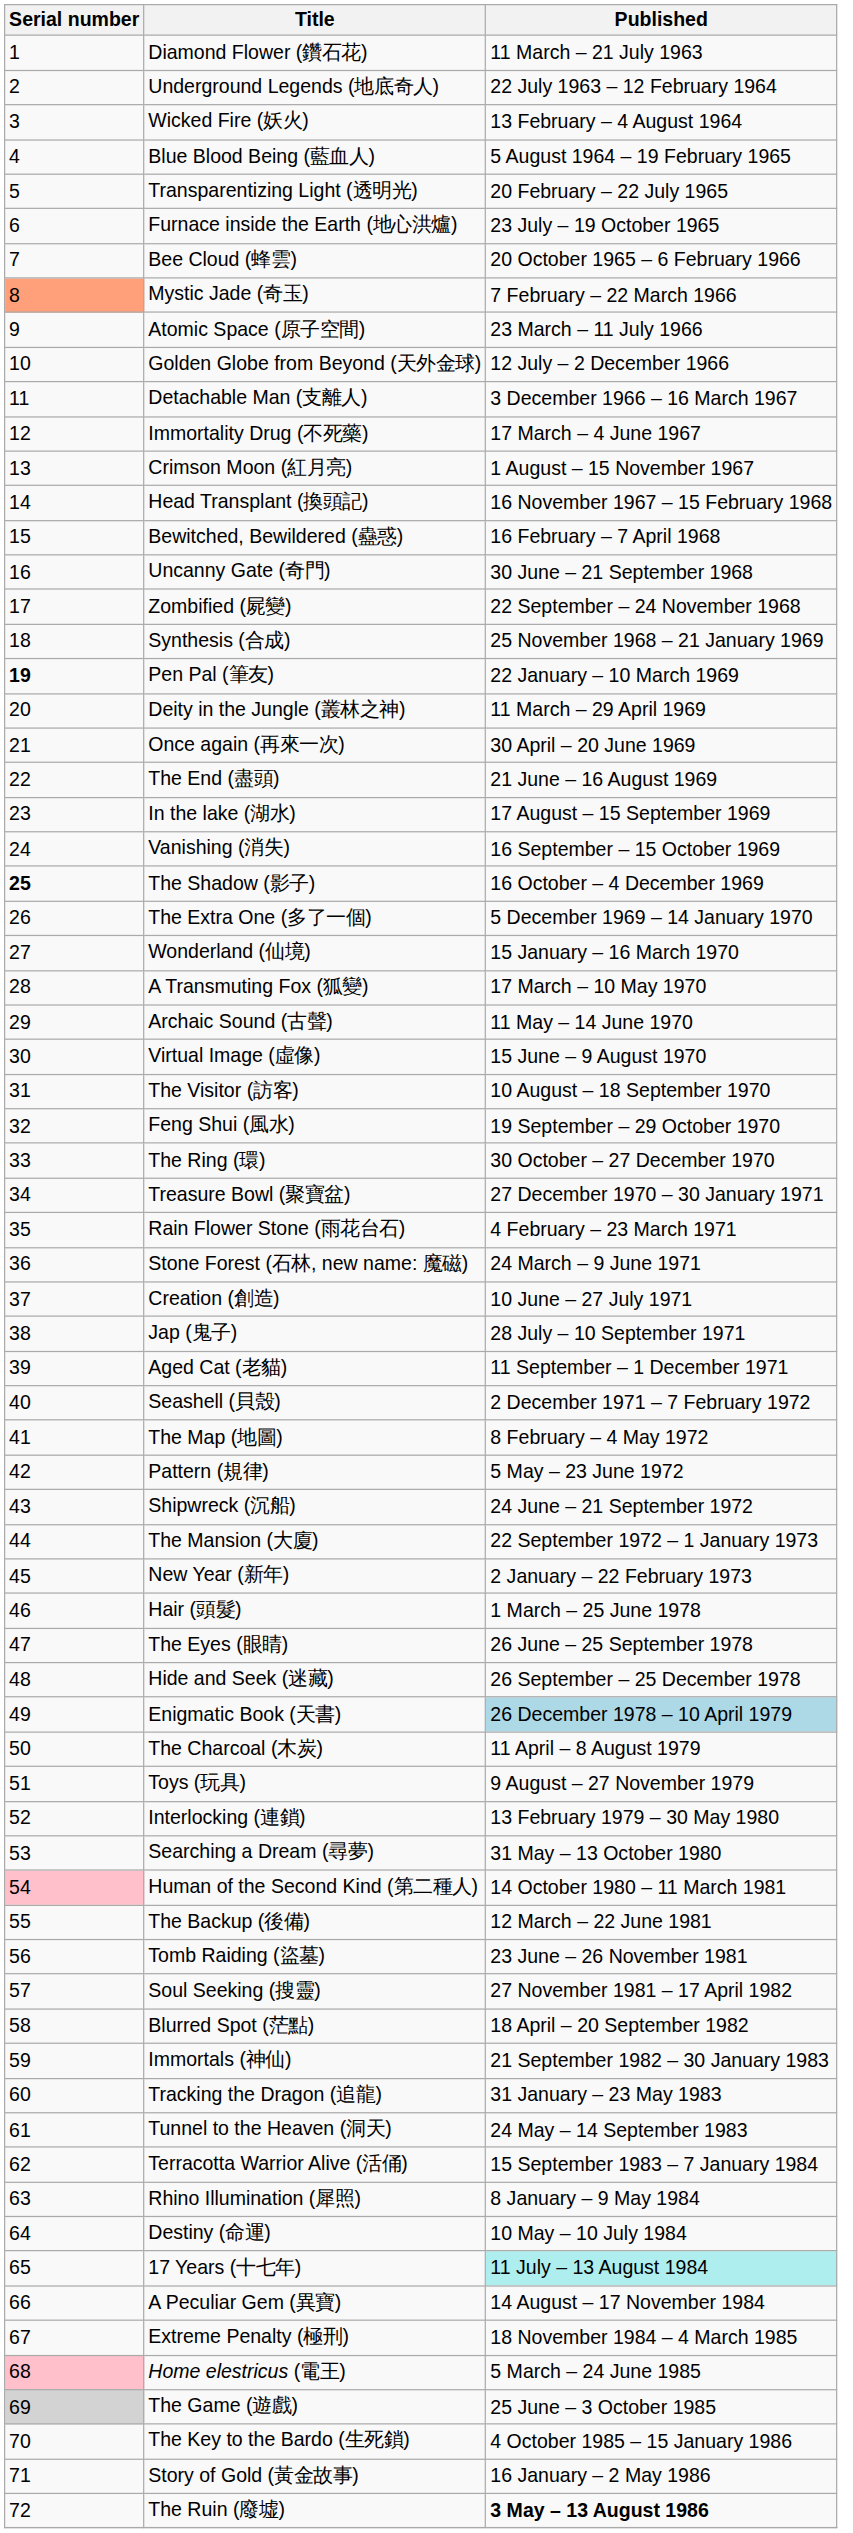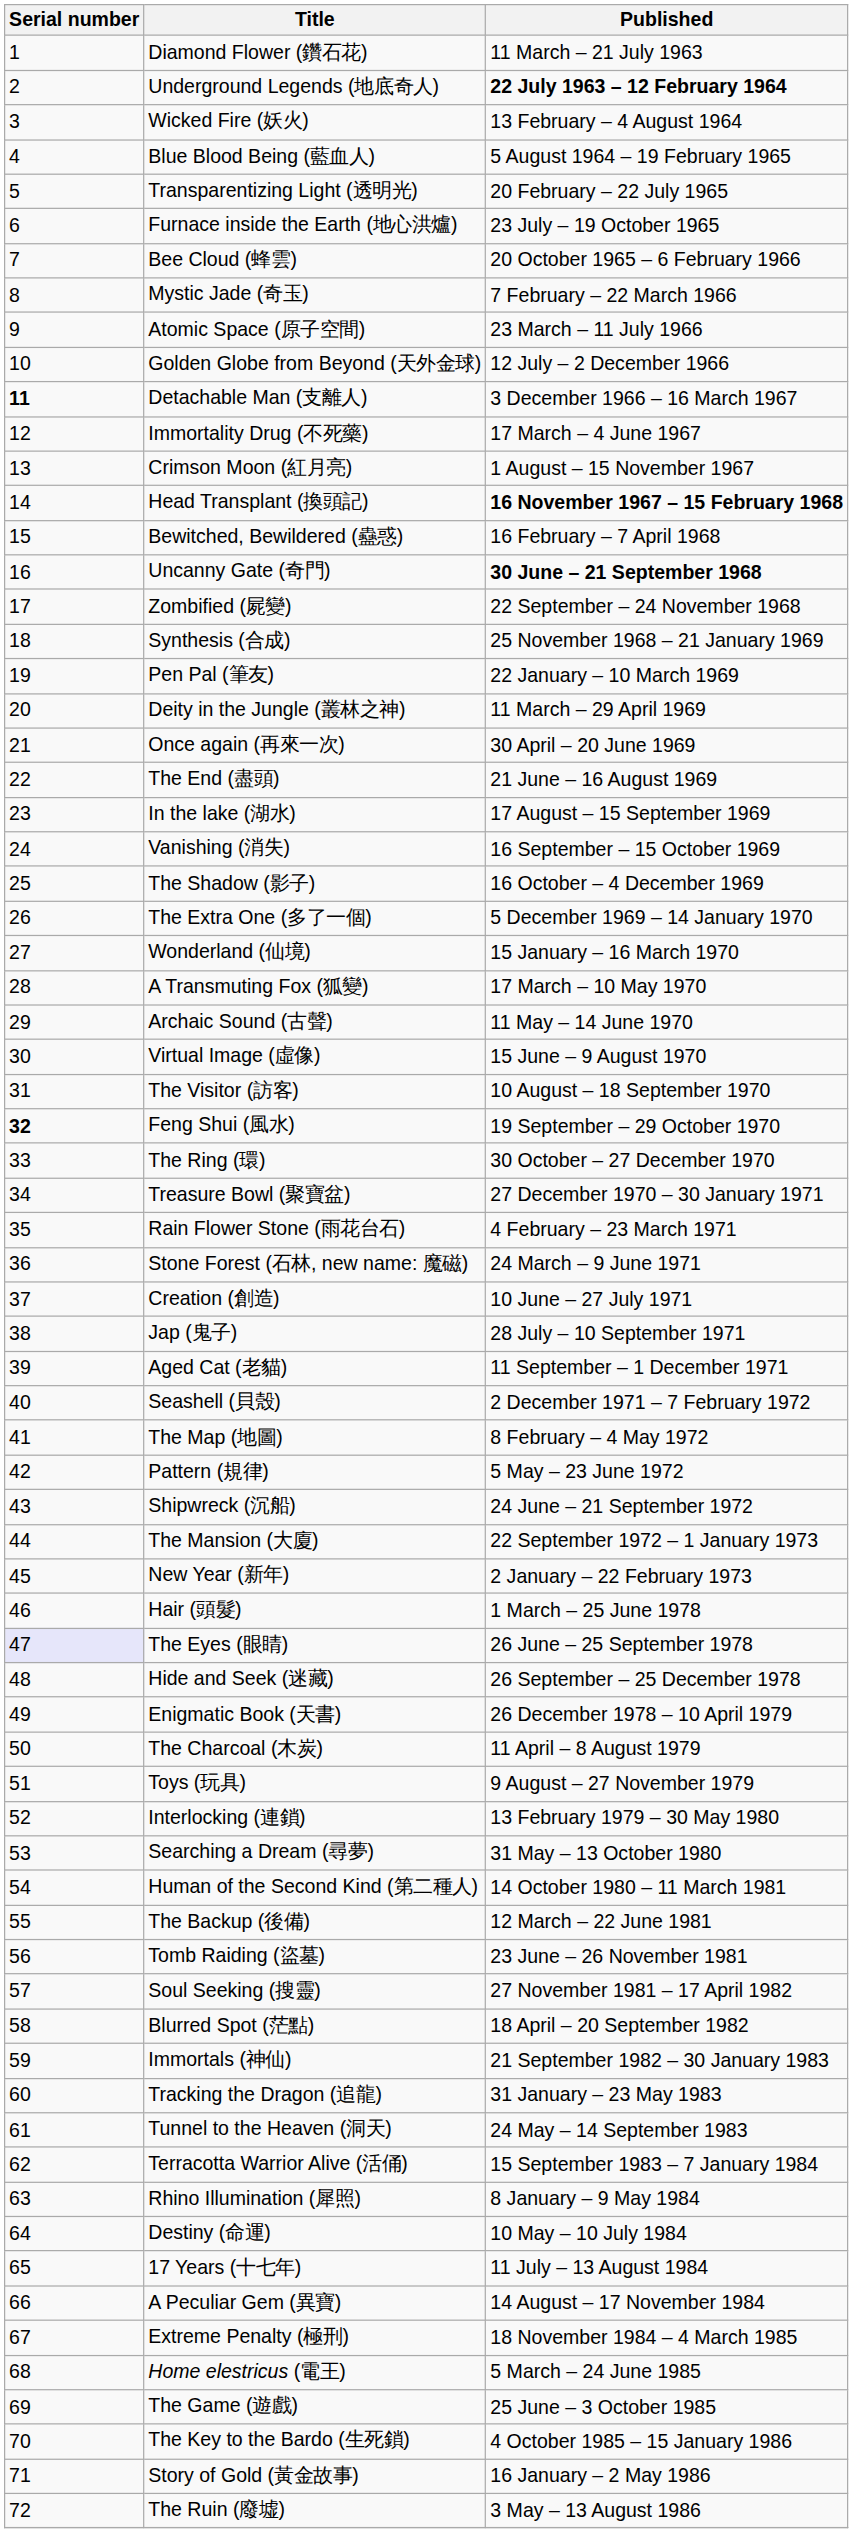 <table class="wikitable">
 <tr>
 <th>Serial number</th>
 <th>Title</th>
 <th>Published</th>
 </tr>
 <tr>
 <td>1</td>
 <td>Diamond Flower (鑽石花)</td>
 <td>11 March – 21 July 1963</td>
 </tr>
 <tr>
 <td>2</td>
 <td>Underground Legends (地底奇人)</td>
-<td>22 July 1963 – 12 February 1964</td>
+<td><strong>22 July 1963 – 12 February 1964</strong></td>
 </tr>
 <tr>
 <td>3</td>
 <td>Wicked Fire (妖火)</td>
 <td>13 February – 4 August 1964</td>
 </tr>
 <tr>
 <td>4</td>
 <td>Blue Blood Being (藍血人)</td>
 <td>5 August 1964 – 19 February 1965</td>
 </tr>
 <tr>
 <td>5</td>
 <td>Transparentizing Light (透明光)</td>
 <td>20 February – 22 July 1965</td>
 </tr>
 <tr>
 <td>6</td>
 <td>Furnace inside the Earth (地心洪爐)</td>
 <td>23 July – 19 October 1965</td>
 </tr>
 <tr>
 <td>7</td>
 <td>Bee Cloud (蜂雲)</td>
 <td>20 October 1965 – 6 February 1966</td>
 </tr>
 <tr>
-<td style="background: lightsalmon;">8</td>
+<td>8</td>
 <td>Mystic Jade (奇玉)</td>
 <td>7 February – 22 March 1966</td>
 </tr>
 <tr>
 <td>9</td>
 <td>Atomic Space (原子空間)</td>
 <td>23 March – 11 July 1966</td>
 </tr>
 <tr>
 <td>10</td>
 <td>Golden Globe from Beyond (天外金球)</td>
 <td>12 July – 2 December 1966</td>
 </tr>
 <tr>
-<td>11</td>
+<td><strong>11</strong></td>
 <td>Detachable Man (支離人)</td>
 <td>3 December 1966 – 16 March 1967</td>
 </tr>
 <tr>
 <td>12</td>
 <td>Immortality Drug (不死藥)</td>
 <td>17 March – 4 June 1967</td>
 </tr>
 <tr>
 <td>13</td>
 <td>Crimson Moon (紅月亮)</td>
 <td>1 August – 15 November 1967</td>
 </tr>
 <tr>
 <td>14</td>
 <td>Head Transplant (換頭記)</td>
-<td>16 November 1967 – 15 February 1968</td>
+<td><strong>16 November 1967 – 15 February 1968</strong></td>
 </tr>
 <tr>
 <td>15</td>
 <td>Bewitched, Bewildered (蠱惑)</td>
 <td>16 February – 7 April 1968</td>
 </tr>
 <tr>
 <td>16</td>
 <td>Uncanny Gate (奇門)</td>
-<td>30 June – 21 September 1968</td>
+<td><strong>30 June – 21 September 1968</strong></td>
 </tr>
 <tr>
 <td>17</td>
 <td>Zombified (屍變)</td>
 <td>22 September – 24 November 1968</td>
 </tr>
 <tr>
 <td>18</td>
 <td>Synthesis (合成)</td>
 <td>25 November 1968 – 21 January 1969</td>
 </tr>
 <tr>
-<td><strong>19</strong></td>
+<td>19</td>
 <td>Pen Pal (筆友)</td>
 <td>22 January – 10 March 1969</td>
 </tr>
 <tr>
 <td>20</td>
 <td>Deity in the Jungle (叢林之神)</td>
 <td>11 March – 29 April 1969</td>
 </tr>
 <tr>
 <td>21</td>
 <td>Once again (再來一次)</td>
 <td>30 April – 20 June 1969</td>
 </tr>
 <tr>
 <td>22</td>
 <td>The End (盡頭)</td>
 <td>21 June – 16 August 1969</td>
 </tr>
 <tr>
 <td>23</td>
 <td>In the lake (湖水)</td>
 <td>17 August – 15 September 1969</td>
 </tr>
 <tr>
 <td>24</td>
 <td>Vanishing (消失)</td>
 <td>16 September – 15 October 1969</td>
 </tr>
 <tr>
-<td><strong>25</strong></td>
+<td>25</td>
 <td>The Shadow (影子)</td>
 <td>16 October – 4 December 1969</td>
 </tr>
 <tr>
 <td>26</td>
 <td>The Extra One (多了一個)</td>
 <td>5 December 1969 – 14 January 1970</td>
 </tr>
 <tr>
 <td>27</td>
 <td>Wonderland (仙境)</td>
 <td>15 January – 16 March 1970</td>
 </tr>
 <tr>
 <td>28</td>
 <td>A Transmuting Fox (狐變)</td>
 <td>17 March – 10 May 1970</td>
 </tr>
 <tr>
 <td>29</td>
 <td>Archaic Sound (古聲)</td>
 <td>11 May – 14 June 1970</td>
 </tr>
 <tr>
 <td>30</td>
 <td>Virtual Image (虛像)</td>
 <td>15 June – 9 August 1970</td>
 </tr>
 <tr>
 <td>31</td>
 <td>The Visitor (訪客)</td>
 <td>10 August – 18 September 1970</td>
 </tr>
 <tr>
-<td>32</td>
+<td><strong>32</strong></td>
 <td>Feng Shui (風水)</td>
 <td>19 September – 29 October 1970</td>
 </tr>
 <tr>
 <td>33</td>
 <td>The Ring (環)</td>
 <td>30 October – 27 December 1970</td>
 </tr>
 <tr>
 <td>34</td>
 <td>Treasure Bowl (聚寶盆)</td>
 <td>27 December 1970 – 30 January 1971</td>
 </tr>
 <tr>
 <td>35</td>
 <td>Rain Flower Stone (雨花台石)</td>
 <td>4 February – 23 March 1971</td>
 </tr>
 <tr>
 <td>36</td>
 <td>Stone Forest (石林, new name: 魔磁)</td>
 <td>24 March – 9 June 1971</td>
 </tr>
 <tr>
 <td>37</td>
 <td>Creation (創造)</td>
 <td>10 June – 27 July 1971</td>
 </tr>
 <tr>
 <td>38</td>
 <td>Jap (鬼子)</td>
 <td>28 July – 10 September 1971</td>
 </tr>
 <tr>
 <td>39</td>
 <td>Aged Cat (老貓)</td>
 <td>11 September – 1 December 1971</td>
 </tr>
 <tr>
 <td>40</td>
 <td>Seashell (貝殼)</td>
 <td>2 December 1971 – 7 February 1972</td>
 </tr>
 <tr>
 <td>41</td>
 <td>The Map (地圖)</td>
 <td>8 February – 4 May 1972</td>
 </tr>
 <tr>
 <td>42</td>
 <td>Pattern (規律)</td>
 <td>5 May – 23 June 1972</td>
 </tr>
 <tr>
 <td>43</td>
 <td>Shipwreck (沉船)</td>
 <td>24 June – 21 September 1972</td>
 </tr>
 <tr>
 <td>44</td>
 <td>The Mansion (大廈)</td>
 <td>22 September 1972 – 1 January 1973</td>
 </tr>
 <tr>
 <td>45</td>
 <td>New Year (新年)</td>
 <td>2 January – 22 February 1973</td>
 </tr>
 <tr>
 <td>46</td>
 <td>Hair (頭髮)</td>
 <td>1 March – 25 June 1978</td>
 </tr>
 <tr>
-<td>47</td>
+<td style="background: lavender;">47</td>
 <td>The Eyes (眼睛)</td>
 <td>26 June – 25 September 1978</td>
 </tr>
 <tr>
 <td>48</td>
 <td>Hide and Seek (迷藏)</td>
 <td>26 September – 25 December 1978</td>
 </tr>
 <tr>
 <td>49</td>
 <td>Enigmatic Book (天書)</td>
-<td style="background: lightblue;">26 December 1978 – 10 April 1979</td>
+<td>26 December 1978 – 10 April 1979</td>
 </tr>
 <tr>
 <td>50</td>
 <td>The Charcoal (木炭)</td>
 <td>11 April – 8 August 1979</td>
 </tr>
 <tr>
 <td>51</td>
 <td>Toys (玩具)</td>
 <td>9 August – 27 November 1979</td>
 </tr>
 <tr>
 <td>52</td>
 <td>Interlocking (連鎖)</td>
 <td>13 February 1979 – 30 May 1980</td>
 </tr>
 <tr>
 <td>53</td>
 <td>Searching a Dream  (尋夢)</td>
 <td>31 May – 13 October 1980</td>
 </tr>
 <tr>
-<td style="background: pink;">54</td>
+<td>54</td>
 <td>Human of the Second Kind (第二種人)</td>
 <td>14 October 1980 – 11 March 1981</td>
 </tr>
 <tr>
 <td>55</td>
 <td>The Backup (後備)</td>
 <td>12 March – 22 June 1981</td>
 </tr>
 <tr>
 <td>56</td>
 <td>Tomb Raiding (盜墓)</td>
 <td>23 June – 26 November 1981</td>
 </tr>
 <tr>
 <td>57</td>
 <td>Soul Seeking (搜靈)</td>
 <td>27 November 1981 – 17 April 1982</td>
 </tr>
 <tr>
 <td>58</td>
 <td>Blurred Spot (茫點)</td>
 <td>18 April – 20 September 1982</td>
 </tr>
 <tr>
 <td>59</td>
 <td>Immortals (神仙)</td>
 <td>21 September 1982 – 30 January 1983</td>
 </tr>
 <tr>
 <td>60</td>
 <td>Tracking the Dragon (追龍)</td>
 <td>31 January – 23 May 1983</td>
 </tr>
 <tr>
 <td>61</td>
 <td>Tunnel to the Heaven (洞天)</td>
 <td>24 May – 14 September 1983</td>
 </tr>
 <tr>
 <td>62</td>
 <td>Terracotta Warrior Alive (活俑)</td>
 <td>15 September 1983 – 7 January 1984</td>
 </tr>
 <tr>
 <td>63</td>
 <td>Rhino Illumination (犀照)</td>
 <td>8 January – 9 May 1984</td>
 </tr>
 <tr>
 <td>64</td>
 <td>Destiny (命運)</td>
 <td>10 May – 10 July 1984</td>
 </tr>
 <tr>
 <td>65</td>
 <td>17 Years (十七年)</td>
-<td style="background: paleturquoise;">11 July – 13 August 1984</td>
+<td>11 July – 13 August 1984</td>
 </tr>
 <tr>
 <td>66</td>
 <td>A Peculiar Gem (異寶)</td>
 <td>14 August – 17 November 1984</td>
 </tr>
 <tr>
 <td>67</td>
 <td>Extreme Penalty (極刑)</td>
 <td>18 November 1984 – 4 March 1985</td>
 </tr>
 <tr>
-<td style="background: pink;">68</td>
+<td>68</td>
 <td><em>Home elestricus</em> (電王)</td>
 <td>5 March – 24 June 1985</td>
 </tr>
 <tr>
-<td style="background: lightgrey;">69</td>
+<td>69</td>
 <td>The Game (遊戲)</td>
 <td>25 June – 3 October 1985</td>
 </tr>
 <tr>
 <td>70</td>
 <td>The Key to the Bardo (生死鎖)</td>
 <td>4 October 1985 – 15 January 1986</td>
 </tr>
 <tr>
 <td>71</td>
 <td>Story of Gold (黃金故事)</td>
 <td>16 January – 2 May 1986</td>
 </tr>
 <tr>
 <td>72</td>
 <td>The Ruin (廢墟)</td>
-<td><strong>3 May – 13 August 1986</strong></td>
+<td>3 May – 13 August 1986</td>
 </tr>
 <tr>
 </tr>
 </table>
